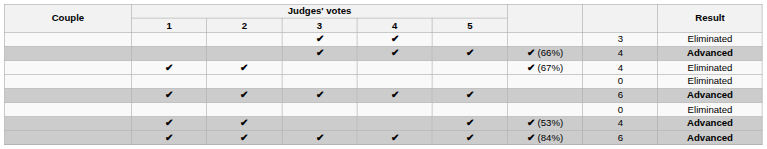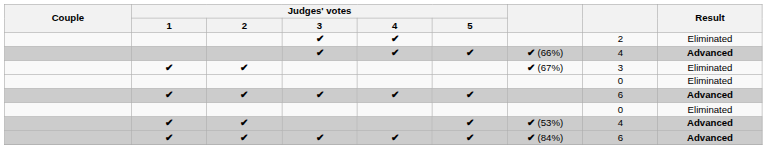 <table class="wikitable" style="font-size:100%; line-height:16px; text-align:center" width="100%">
 <tr>
 <th rowspan=2 width="11.0%">Couple</th>
 <th colspan=5>Judges' votes</th>
 <th rowspan=2 width="06.5%"></th>
 <th rowspan=2 width="06.5%"></th>
 <th rowspan=2 width="09.0%">Result</th>
 </tr>
 <tr>
 <th width="6.5%">1</th>
 <th width="6.5%">2</th>
 <th width="6.5%">3</th>
 <th width="6.5%">4</th>
 <th width="6.5%">5</th>
 </tr>
 <tr>
 <td></td>
 <td></td>
 <td></td>
 <td><strong>✔</strong></td>
 <td><strong>✔</strong></td>
 <td></td>
 <td></td>
-<td>3</td>
+<td>2</td>
 <td>Eliminated</td>
 </tr>
 <tr bgcolor=CCCCCC>
 <td></td>
 <td></td>
 <td></td>
 <td><strong>✔</strong></td>
 <td><strong>✔</strong></td>
 <td><strong>✔</strong></td>
 <td><strong>✔</strong> (66%)</td>
 <td>4</td>
 <td><strong>Advanced</strong></td>
 </tr>
 <tr>
 <td></td>
 <td><strong>✔</strong></td>
 <td><strong>✔</strong></td>
 <td></td>
 <td></td>
 <td></td>
 <td><strong>✔</strong> (67%)</td>
-<td>4</td>
+<td>3</td>
 <td>Eliminated</td>
 </tr>
 <tr>
 <td></td>
 <td></td>
 <td></td>
 <td></td>
 <td></td>
 <td></td>
 <td></td>
 <td>0</td>
 <td>Eliminated</td>
 </tr>
 <tr bgcolor=CCCCCC>
 <td></td>
 <td><strong>✔</strong></td>
 <td><strong>✔</strong></td>
 <td><strong>✔</strong></td>
 <td><strong>✔</strong></td>
 <td><strong>✔</strong></td>
 <td></td>
 <td>6</td>
 <td><strong>Advanced</strong></td>
 </tr>
 <tr>
 <td></td>
 <td></td>
 <td></td>
 <td></td>
 <td></td>
 <td></td>
 <td></td>
 <td>0</td>
 <td>Eliminated</td>
 </tr>
 <tr bgcolor=CCCCCC>
 <td></td>
 <td><strong>✔</strong></td>
 <td><strong>✔</strong></td>
 <td></td>
 <td></td>
 <td><strong>✔</strong></td>
 <td><strong>✔</strong> (53%)</td>
 <td>4</td>
 <td><strong>Advanced</strong></td>
 </tr>
 <tr bgcolor=CCCCCC>
 <td></td>
 <td><strong>✔</strong></td>
 <td><strong>✔</strong></td>
 <td><strong>✔</strong></td>
 <td><strong>✔</strong></td>
 <td><strong>✔</strong></td>
 <td><strong>✔</strong> (84%)</td>
 <td>6</td>
 <td><strong>Advanced</strong></td>
 </tr>
 <tr>
 </tr>
 </table>
